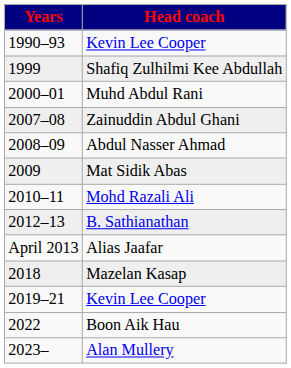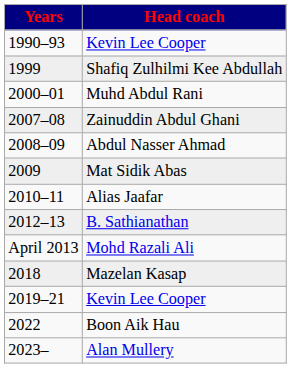 <table class="wikitable">
 <tr>
 <th style="background:#000080; color:red; text-align:center;">Years</th>
 <th style="background:#000080; color:red; text-align:center;">Head coach</th>
 </tr>
 <tr>
 <td>1990–93</td>
 <td> <a href='#'>Kevin Lee Cooper</a></td>
 </tr>
 <tr style="background:#efefef;">
 <td>1999</td>
 <td> Shafiq Zulhilmi Kee Abdullah</td>
 </tr>
 <tr>
 <td>2000–01</td>
 <td> Muhd Abdul Rani</td>
 </tr>
 <tr style="background:#efefef;">
 <td>2007–08</td>
 <td> Zainuddin Abdul Ghani</td>
 </tr>
 <tr>
 <td>2008–09</td>
 <td> Abdul Nasser Ahmad</td>
 </tr>
 <tr style="background:#efefef;">
 <td>2009</td>
 <td> Mat Sidik Abas</td>
 </tr>
 <tr>
 <td>2010–11</td>
-<td> <a href='#'>Mohd Razali Ali</a></td>
+<td> Alias Jaafar</td>
 </tr>
 <tr style="background:#efefef;">
 <td>2012–13</td>
 <td> <a href='#'>B. Sathianathan</a></td>
 </tr>
 <tr>
 <td>April 2013</td>
-<td> Alias Jaafar</td>
+<td> <a href='#'>Mohd Razali Ali</a></td>
 </tr>
 <tr style="background:#efefef;">
 <td>2018</td>
 <td> Mazelan Kasap</td>
 </tr>
 <tr>
 <td>2019–21</td>
 <td> <a href='#'>Kevin Lee Cooper</a></td>
 </tr>
 <tr>
 <td>2022</td>
 <td> Boon Aik Hau</td>
 </tr>
 <tr>
 <td>2023–</td>
 <td> <a href='#'>Alan Mullery</a></td>
 </tr>
 </table>
